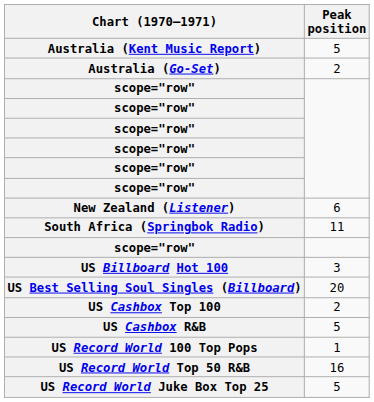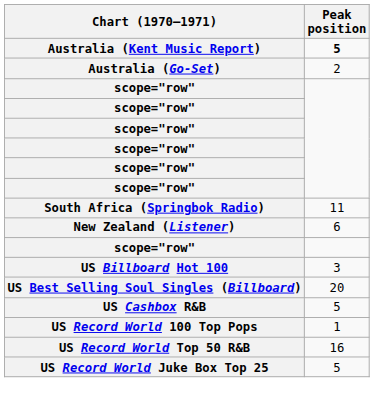 <table class="wikitable sortable plainrowheaders">
 <tr>
 <th scope="col">Chart (1970–1971)</th>
 <th scope="col">Peak<br>position</th>
 </tr>
 <tr>
 <th scope="row">Australia (<a href='#'>Kent Music Report</a>)</th>
-<td align="center">5</td>
+<td align="center"><strong>5</strong></td>
 </tr>
 <tr>
 <th scope="row">Australia (<em><a href='#'>Go-Set</a></em>)</th>
 <td align="center">2</td>
 </tr>
 <tr>
 <th>scope="row" </th>
 </tr>
 <tr>
 <th>scope="row" </th>
 </tr>
 <tr>
 <th>scope="row" </th>
 </tr>
 <tr>
 <th>scope="row" </th>
 </tr>
 <tr>
 <th>scope="row" </th>
 </tr>
 <tr>
 <th>scope="row" </th>
 </tr>
 <tr>
+<th scope="row">South Africa (<a href='#'>Springbok Radio</a>)</th>
+<td align="center">11</td>
+</tr>
+<tr>
 <th scope="row">New Zealand (<em><a href='#'>Listener</a></em>)</th>
 <td style="text-align:center;">6</td>
-</tr>
-<tr>
-<th scope="row">South Africa (<a href='#'>Springbok Radio</a>)</th>
-<td align="center">11</td>
 </tr>
 <tr>
 <th>scope="row" </th>
 </tr>
 <tr>
 <th scope="row">US <a href='#'><em>Billboard</em></a> <a href='#'>Hot 100</a></th>
 <td style="text-align:center;">3</td>
 </tr>
 <tr>
 <th scope="row">US <a href='#'>Best Selling Soul Singles</a> (<a href='#'><em>Billboard</em></a>)</th>
 <td style="text-align:center;">20</td>
-</tr>
-<tr>
-<th scope="row">US <a href='#'><em>Cashbox</em></a> Top 100</th>
-<td style="text-align:center;">2</td>
 </tr>
 <tr>
 <th scope="row">US <a href='#'><em>Cashbox</em></a> R&B</th>
 <td style="text-align:center;">5</td>
 </tr>
 <tr>
 <th scope="row">US <em><a href='#'>Record World</a></em> 100 Top Pops</th>
 <td style="text-align:center;">1</td>
 </tr>
 <tr>
 <th scope="row">US <em><a href='#'>Record World</a></em> Top 50 R&B</th>
 <td style="text-align:center;">16</td>
 </tr>
 <tr>
 <th scope="row">US <em><a href='#'>Record World</a></em> Juke Box Top 25</th>
 <td style="text-align:center;">5</td>
 </tr>
 </table>
